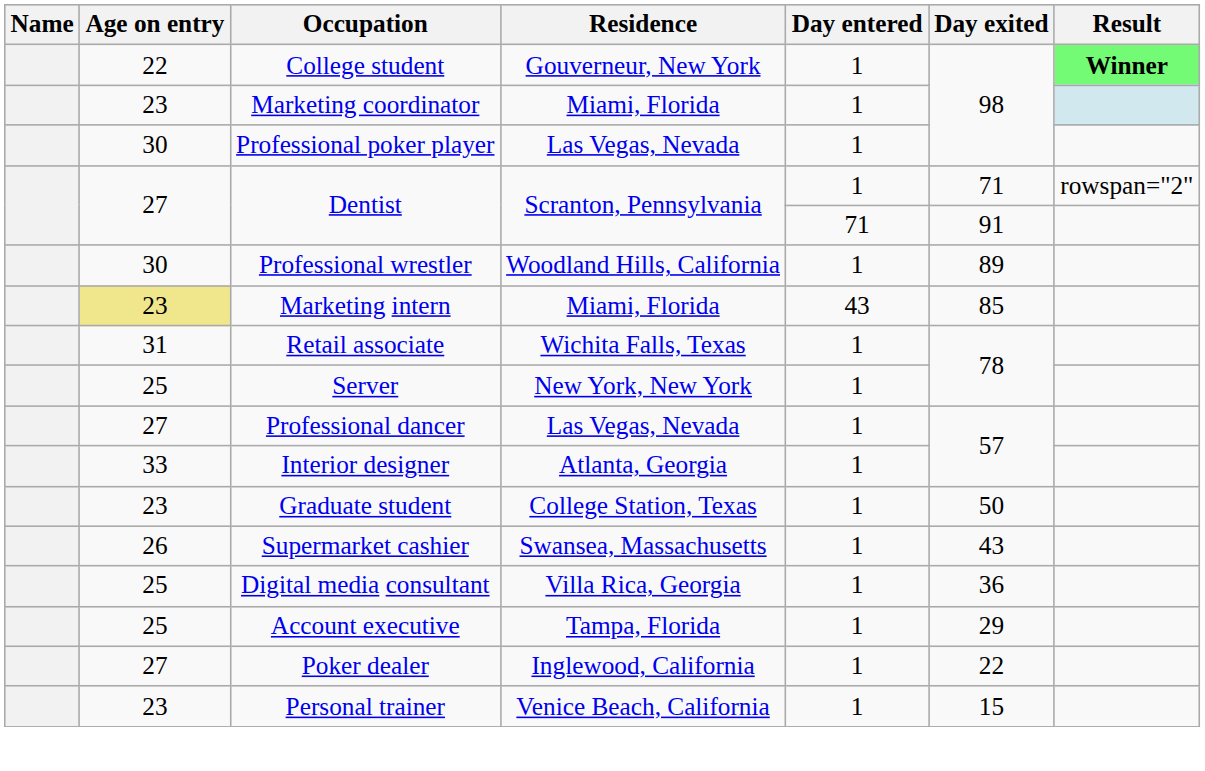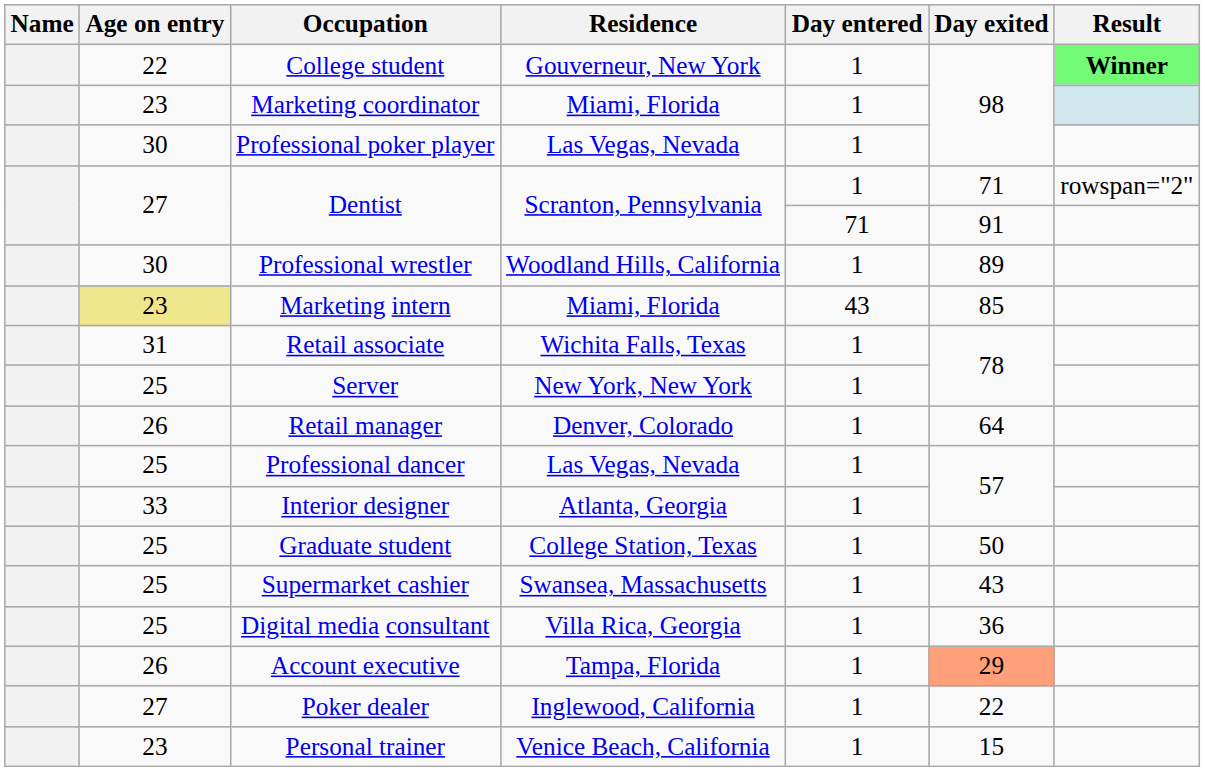 <table class="wikitable sortable" style="text-align:center;">
 <tr>
 <th scope="col">Name</th>
 <th scope="col">Age on entry</th>
 <th scope="col" class="unsortable">Occupation</th>
 <th scope="col" class="unsortable">Residence</th>
 <th scope="col" class="unsortable">Day entered</th>
 <th scope="col">Day exited</th>
 <th scope="col" class="unsortable">Result</th>
 </tr>
 <tr>
 <th scope="row"></th>
 <td>22</td>
 <td><a href='#'>College student</a></td>
 <td><a href='#'>Gouverneur, New York</a></td>
 <td>1</td>
 <td rowspan="3">98</td>
 <td bgcolor="73FB76"><strong>Winner</strong></td>
 </tr>
 <tr>
 <th scope="row"></th>
 <td>23</td>
 <td><a href='#'>Marketing coordinator</a></td>
 <td><a href='#'>Miami, Florida</a></td>
 <td>1</td>
 <td bgcolor="D1E8EF"></td>
 </tr>
 <tr>
 <th scope="row"></th>
 <td>30</td>
 <td><a href='#'>Professional poker player</a></td>
 <td><a href='#'>Las Vegas, Nevada</a></td>
 <td>1</td>
 <td></td>
 </tr>
 <tr>
 <th rowspan="2" scope="row"></th>
 <td rowspan="2">27</td>
 <td rowspan="2"><a href='#'>Dentist</a></td>
 <td rowspan="2"><a href='#'>Scranton, Pennsylvania</a></td>
 <td>1</td>
 <td>71</td>
 <td>rowspan="2" </td>
 </tr>
 <tr>
 <td>71</td>
 <td>91</td>
 </tr>
 <tr>
 <th scope="row"></th>
 <td>30</td>
 <td><a href='#'>Professional wrestler</a></td>
 <td><a href='#'>Woodland Hills, California</a></td>
 <td>1</td>
 <td>89</td>
 <td></td>
 </tr>
 <tr>
 <th scope="row"></th>
 <td style="background: khaki;">23</td>
 <td><a href='#'>Marketing</a> <a href='#'>intern</a></td>
 <td><a href='#'>Miami, Florida</a></td>
 <td>43</td>
 <td>85</td>
 <td></td>
 </tr>
 <tr>
 <th scope="row"></th>
 <td>31</td>
 <td><a href='#'>Retail associate</a></td>
 <td><a href='#'>Wichita Falls, Texas</a></td>
 <td>1</td>
 <td rowspan="2">78</td>
 <td></td>
 </tr>
 <tr>
 <th scope="row"></th>
 <td>25</td>
 <td><a href='#'>Server</a></td>
 <td><a href='#'>New York, New York</a></td>
 <td>1</td>
 <td></td>
 </tr>
 <tr>
 <th scope="row"></th>
-<td>27</td>
+<td>26</td>
+<td><a href='#'>Retail manager</a></td>
+<td><a href='#'>Denver, Colorado</a></td>
+<td>1</td>
+<td>64</td>
+<td></td>
+</tr>
+<tr>
+<th scope="row"></th>
+<td>25</td>
 <td><a href='#'>Professional dancer</a></td>
 <td><a href='#'>Las Vegas, Nevada</a></td>
 <td>1</td>
 <td rowspan="2">57</td>
 <td></td>
 </tr>
 <tr>
 <th scope="row"></th>
 <td>33</td>
 <td><a href='#'>Interior designer</a></td>
 <td><a href='#'>Atlanta, Georgia</a></td>
 <td>1</td>
 <td></td>
 </tr>
 <tr>
 <th scope="row"></th>
-<td>23</td>
+<td>25</td>
 <td><a href='#'>Graduate student</a></td>
 <td><a href='#'>College Station, Texas</a></td>
 <td>1</td>
 <td>50</td>
 <td></td>
 </tr>
 <tr>
 <th scope="row"></th>
-<td>26</td>
+<td>25</td>
 <td><a href='#'>Supermarket cashier</a></td>
 <td><a href='#'>Swansea, Massachusetts</a></td>
 <td>1</td>
 <td>43</td>
 <td></td>
 </tr>
 <tr>
 <th scope="row"></th>
 <td>25</td>
 <td><a href='#'>Digital media</a> <a href='#'>consultant</a></td>
 <td><a href='#'>Villa Rica, Georgia</a></td>
 <td>1</td>
 <td>36</td>
 <td></td>
 </tr>
 <tr>
 <th scope="row"></th>
-<td>25</td>
+<td>26</td>
 <td><a href='#'>Account executive</a></td>
 <td><a href='#'>Tampa, Florida</a></td>
 <td>1</td>
-<td>29</td>
+<td style="background: lightsalmon;">29</td>
 <td></td>
 </tr>
 <tr>
 <th scope="row"></th>
 <td>27</td>
 <td><a href='#'>Poker dealer</a></td>
 <td><a href='#'>Inglewood, California</a></td>
 <td>1</td>
 <td>22</td>
 <td></td>
 </tr>
 <tr>
 <th scope="row"></th>
 <td>23</td>
 <td><a href='#'>Personal trainer</a></td>
 <td><a href='#'>Venice Beach, California</a></td>
 <td>1</td>
 <td>15</td>
 <td></td>
 </tr>
 </table>
